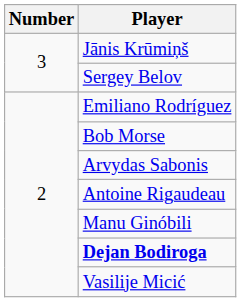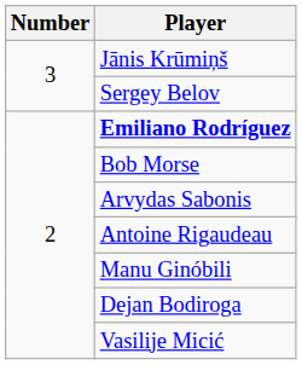 <table class="wikitable sortable">
 <tr>
 <th>Number</th>
 <th>Player</th>
 </tr>
 <tr>
 <td rowspan=2 style="text-align:center;">3</td>
 <td> <a href='#'>Jānis Krūmiņš</a></td>
 </tr>
 <tr>
 <td> <a href='#'>Sergey Belov</a></td>
 </tr>
 <tr>
 <td rowspan=7 style="text-align:center;">2</td>
-<td> <a href='#'>Emiliano Rodríguez</a></td>
+<td><strong> <a href='#'>Emiliano Rodríguez</a></strong></td>
 </tr>
 <tr>
 <td> <a href='#'>Bob Morse</a></td>
 </tr>
 <tr>
 <td>  <a href='#'>Arvydas Sabonis</a></td>
 </tr>
 <tr>
 <td> <a href='#'>Antoine Rigaudeau</a></td>
 </tr>
 <tr>
 <td>  <a href='#'>Manu Ginóbili</a></td>
 </tr>
 <tr>
-<td><strong> <a href='#'>Dejan Bodiroga</a></strong></td>
+<td> <a href='#'>Dejan Bodiroga</a></td>
 </tr>
 <tr>
 <td> <a href='#'>Vasilije Micić</a></td>
 </tr>
 </table>
